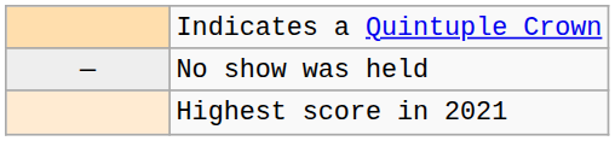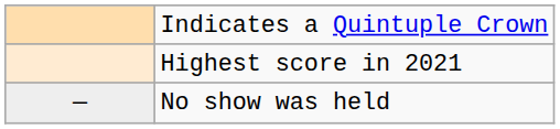 <table class="wikitable">
 <tr>
 <td width="75px" style="background: #ffdead;"></td>
 <td>Indicates a <a href='#'>Quintuple Crown</a></td>
 </tr>
 <tr>
+<td width="75px" style="background: #ffebd2;"></td>
+<td>Highest score in 2021</td>
+</tr>
+<tr>
 <td width="75px" style="background:#eee;" align="center">—</td>
 <td>No show was held</td>
 </tr>
-<tr>
-<td width="75px" style="background: #ffebd2;"></td>
-<td>Highest score in 2021</td>
-</tr>
 </table>
